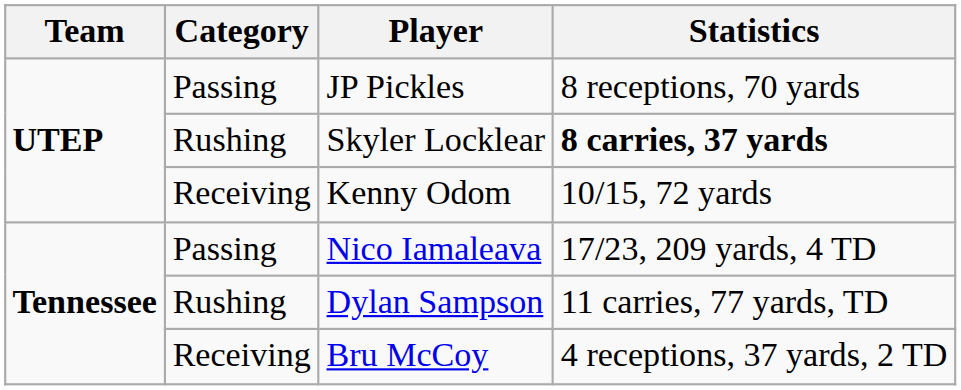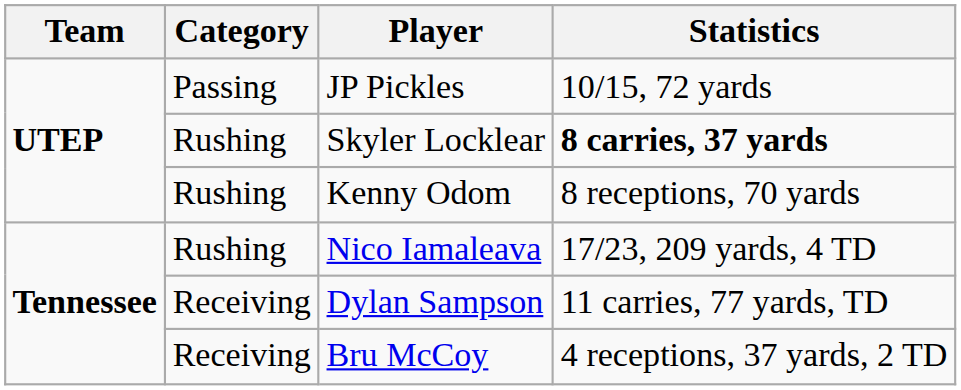 <table class="wikitable" style="float: right;">
 <tr>
 <th>Team</th>
 <th>Category</th>
 <th>Player</th>
 <th>Statistics</th>
 </tr>
 <tr>
 <td rowspan=3><strong>UTEP</strong></td>
 <td>Passing</td>
 <td>JP Pickles</td>
-<td>8 receptions, 70 yards</td>
+<td>10/15, 72 yards</td>
 </tr>
 <tr>
 <td>Rushing</td>
 <td>Skyler Locklear</td>
 <td><strong>8 carries, 37 yards</strong></td>
 </tr>
 <tr>
-<td>Receiving</td>
+<td>Rushing</td>
 <td>Kenny Odom</td>
-<td>10/15, 72 yards</td>
+<td>8 receptions, 70 yards</td>
 </tr>
 <tr>
 <td rowspan=3><strong>Tennessee</strong></td>
-<td>Passing</td>
+<td>Rushing</td>
 <td><a href='#'>Nico Iamaleava</a></td>
 <td>17/23, 209 yards, 4 TD</td>
 </tr>
 <tr>
-<td>Rushing</td>
+<td>Receiving</td>
 <td><a href='#'>Dylan Sampson</a></td>
 <td>11 carries, 77 yards, TD</td>
 </tr>
 <tr>
 <td>Receiving</td>
 <td><a href='#'>Bru McCoy</a></td>
 <td>4 receptions, 37 yards, 2 TD</td>
 </tr>
 </table>
